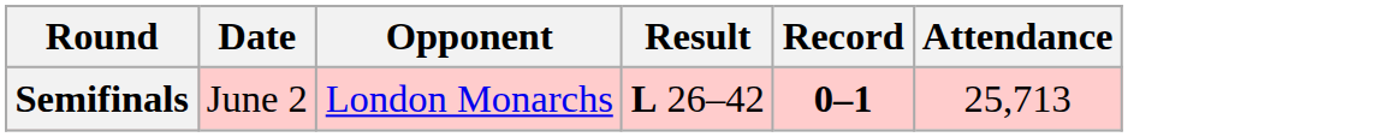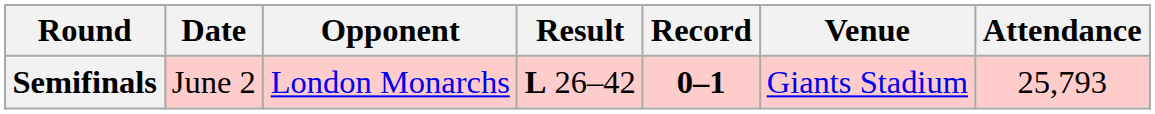 <table class="wikitable" style="text-align:center;">
 <tr>
 <th>Round</th>
 <th>Date</th>
 <th>Opponent</th>
 <th>Result</th>
 <th>Record</th>
+<th>Venue</th>
 <th>Attendance</th>
 </tr>
 <tr style="background:#fcc">
 <th>Semifinals</th>
 <td>June 2</td>
 <td><a href='#'>London Monarchs</a></td>
 <td><strong>L</strong> 26–42</td>
 <td><strong>0–1</strong></td>
-<td>25,713</td>
+<td><a href='#'>Giants Stadium</a></td>
+<td>25,793</td>
 </tr>
 </table>
